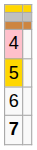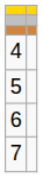 <table class="wikitable">
 <tr style="background:gold;">
 <td align=center></td>
 <td></td>
 </tr>
 <tr style="background:silver;">
 <td align=center></td>
 <td></td>
 </tr>
 <tr style="background:peru;">
 <td align=center></td>
 <td></td>
 </tr>
 <tr>
-<td align=center style="background: pink;">4</td>
+<td align=center>4</td>
 <td></td>
 </tr>
 <tr>
-<td align=center style="background: gold;">5</td>
+<td align=center>5</td>
 <td></td>
 </tr>
 <tr>
 <td align=center>6</td>
 <td></td>
 </tr>
 <tr>
-<td align=center><strong>7</strong></td>
+<td align=center>7</td>
 <td></td>
 </tr>
 </table>
